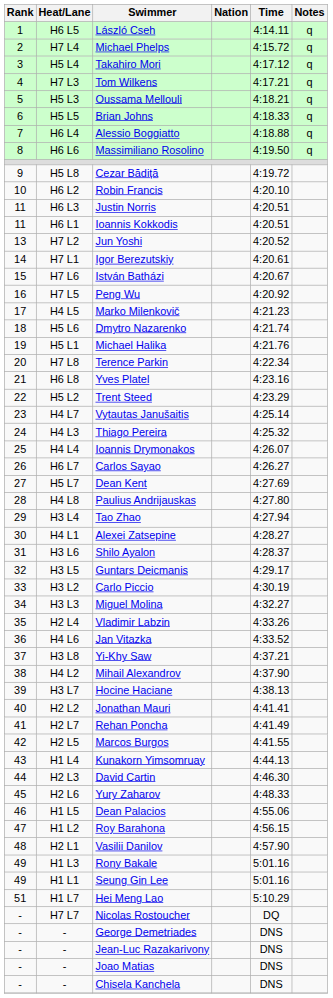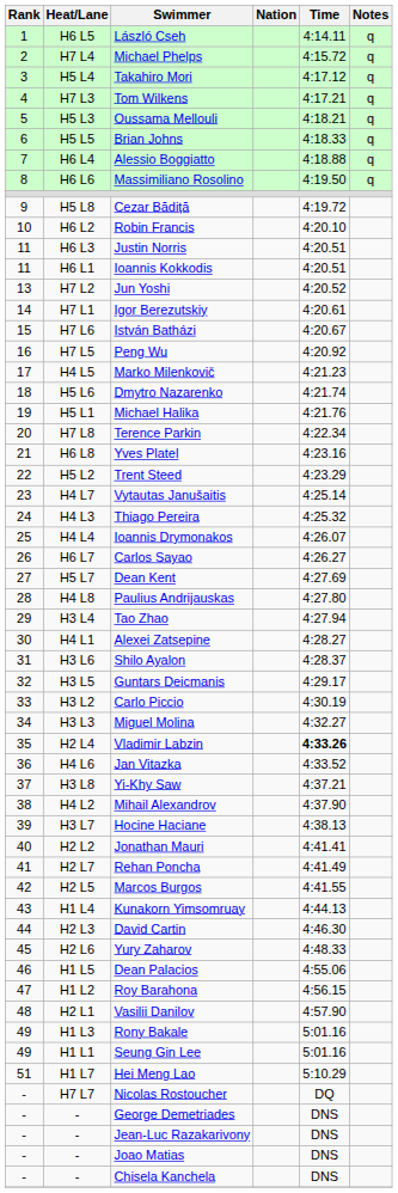 <table class="wikitable sortable" style="text-align:center">
 <tr>
 <th>Rank</th>
 <th>Heat/Lane</th>
 <th>Swimmer</th>
 <th>Nation</th>
 <th>Time</th>
 <th>Notes</th>
 </tr>
 <tr bgcolor=ccffcc>
 <td>1</td>
 <td>H6 L5</td>
 <td align=left><a href='#'>László Cseh</a></td>
 <td align=left></td>
 <td>4:14.11</td>
 <td>q</td>
 </tr>
 <tr bgcolor=ccffcc>
 <td>2</td>
 <td>H7 L4</td>
 <td align=left><a href='#'>Michael Phelps</a></td>
 <td align=left></td>
 <td>4:15.72</td>
 <td>q</td>
 </tr>
 <tr bgcolor=ccffcc>
 <td>3</td>
 <td>H5 L4</td>
 <td align=left><a href='#'>Takahiro Mori</a></td>
 <td align=left></td>
 <td>4:17.12</td>
 <td>q</td>
 </tr>
 <tr bgcolor=ccffcc>
 <td>4</td>
 <td>H7 L3</td>
 <td align=left><a href='#'>Tom Wilkens</a></td>
 <td align=left></td>
 <td>4:17.21</td>
 <td>q</td>
 </tr>
 <tr bgcolor=ccffcc>
 <td>5</td>
 <td>H5 L3</td>
 <td align=left><a href='#'>Oussama Mellouli</a></td>
 <td align=left></td>
 <td>4:18.21</td>
 <td>q</td>
 </tr>
 <tr bgcolor=ccffcc>
 <td>6</td>
 <td>H5 L5</td>
 <td align=left><a href='#'>Brian Johns</a></td>
 <td align=left></td>
 <td>4:18.33</td>
 <td>q</td>
 </tr>
 <tr bgcolor=ccffcc>
 <td>7</td>
 <td>H6 L4</td>
 <td align=left><a href='#'>Alessio Boggiatto</a></td>
 <td align=left></td>
 <td>4:18.88</td>
 <td>q</td>
 </tr>
 <tr bgcolor=ccffcc>
 <td>8</td>
 <td>H6 L6</td>
 <td align=left><a href='#'>Massimiliano Rosolino</a></td>
 <td align=left></td>
 <td>4:19.50</td>
 <td>q</td>
 </tr>
 <tr bgcolor=#DDDDDD>
 <td colspan=6></td>
 </tr>
 <tr>
 <td>9</td>
 <td>H5 L8</td>
 <td align=left><a href='#'>Cezar Bădiță</a></td>
 <td align=left></td>
 <td>4:19.72</td>
 <td></td>
 </tr>
 <tr>
 <td>10</td>
 <td>H6 L2</td>
 <td align=left><a href='#'>Robin Francis</a></td>
 <td align=left></td>
 <td>4:20.10</td>
 <td></td>
 </tr>
 <tr>
 <td>11</td>
 <td>H6 L3</td>
 <td align=left><a href='#'>Justin Norris</a></td>
 <td align=left></td>
 <td>4:20.51</td>
 <td></td>
 </tr>
 <tr>
 <td>11</td>
 <td>H6 L1</td>
 <td align=left><a href='#'>Ioannis Kokkodis</a></td>
 <td align=left></td>
 <td>4:20.51</td>
 <td></td>
 </tr>
 <tr>
 <td>13</td>
 <td>H7 L2</td>
 <td align=left><a href='#'>Jun Yoshi</a></td>
 <td align=left></td>
 <td>4:20.52</td>
 <td></td>
 </tr>
 <tr>
 <td>14</td>
 <td>H7 L1</td>
 <td align=left><a href='#'>Igor Berezutskiy</a></td>
 <td align=left></td>
 <td>4:20.61</td>
 <td></td>
 </tr>
 <tr>
 <td>15</td>
 <td>H7 L6</td>
 <td align=left><a href='#'>István Batházi</a></td>
 <td align=left></td>
 <td>4:20.67</td>
 <td></td>
 </tr>
 <tr>
 <td>16</td>
 <td>H7 L5</td>
 <td align=left><a href='#'>Peng Wu</a></td>
 <td align=left></td>
 <td>4:20.92</td>
 <td></td>
 </tr>
 <tr>
 <td>17</td>
 <td>H4 L5</td>
 <td align=left><a href='#'>Marko Milenkovič</a></td>
 <td align=left></td>
 <td>4:21.23</td>
 <td></td>
 </tr>
 <tr>
 <td>18</td>
 <td>H5 L6</td>
 <td align=left><a href='#'>Dmytro Nazarenko</a></td>
 <td align=left></td>
 <td>4:21.74</td>
 <td></td>
 </tr>
 <tr>
 <td>19</td>
 <td>H5 L1</td>
 <td align=left><a href='#'>Michael Halika</a></td>
 <td align=left></td>
 <td>4:21.76</td>
 <td></td>
 </tr>
 <tr>
 <td>20</td>
 <td>H7 L8</td>
 <td align=left><a href='#'>Terence Parkin</a></td>
 <td align=left></td>
 <td>4:22.34</td>
 <td></td>
 </tr>
 <tr>
 <td>21</td>
 <td>H6 L8</td>
 <td align=left><a href='#'>Yves Platel</a></td>
 <td align=left></td>
 <td>4:23.16</td>
 <td></td>
 </tr>
 <tr>
 <td>22</td>
 <td>H5 L2</td>
 <td align=left><a href='#'>Trent Steed</a></td>
 <td align=left></td>
 <td>4:23.29</td>
 <td></td>
 </tr>
 <tr>
 <td>23</td>
 <td>H4 L7</td>
 <td align=left><a href='#'>Vytautas Janušaitis</a></td>
 <td align=left></td>
 <td>4:25.14</td>
 <td></td>
 </tr>
 <tr>
 <td>24</td>
 <td>H4 L3</td>
 <td align=left><a href='#'>Thiago Pereira</a></td>
 <td align=left></td>
 <td>4:25.32</td>
 <td></td>
 </tr>
 <tr>
 <td>25</td>
 <td>H4 L4</td>
 <td align=left><a href='#'>Ioannis Drymonakos</a></td>
 <td align=left></td>
 <td>4:26.07</td>
 <td></td>
 </tr>
 <tr>
 <td>26</td>
 <td>H6 L7</td>
 <td align=left><a href='#'>Carlos Sayao</a></td>
 <td align=left></td>
 <td>4:26.27</td>
 <td></td>
 </tr>
 <tr>
 <td>27</td>
 <td>H5 L7</td>
 <td align=left><a href='#'>Dean Kent</a></td>
 <td align=left></td>
 <td>4:27.69</td>
 <td></td>
 </tr>
 <tr>
 <td>28</td>
 <td>H4 L8</td>
 <td align=left><a href='#'>Paulius Andrijauskas</a></td>
 <td align=left></td>
 <td>4:27.80</td>
 <td></td>
 </tr>
 <tr>
 <td>29</td>
 <td>H3 L4</td>
 <td align=left><a href='#'>Tao Zhao</a></td>
 <td align=left></td>
 <td>4:27.94</td>
 <td></td>
 </tr>
 <tr>
 <td>30</td>
 <td>H4 L1</td>
 <td align=left><a href='#'>Alexei Zatsepine</a></td>
 <td align=left></td>
 <td>4:28.27</td>
 <td></td>
 </tr>
 <tr>
 <td>31</td>
 <td>H3 L6</td>
 <td align=left><a href='#'>Shilo Ayalon</a></td>
 <td align=left></td>
 <td>4:28.37</td>
 <td></td>
 </tr>
 <tr>
 <td>32</td>
 <td>H3 L5</td>
 <td align=left><a href='#'>Guntars Deicmanis</a></td>
 <td align=left></td>
 <td>4:29.17</td>
 <td></td>
 </tr>
 <tr>
 <td>33</td>
 <td>H3 L2</td>
 <td align=left><a href='#'>Carlo Piccio</a></td>
 <td align=left></td>
 <td>4:30.19</td>
 <td></td>
 </tr>
 <tr>
 <td>34</td>
 <td>H3 L3</td>
 <td align=left><a href='#'>Miguel Molina</a></td>
 <td align=left></td>
 <td>4:32.27</td>
 <td></td>
 </tr>
 <tr>
 <td>35</td>
 <td>H2 L4</td>
 <td align=left><a href='#'>Vladimir Labzin</a></td>
 <td align=left></td>
-<td>4:33.26</td>
+<td><strong>4:33.26</strong></td>
 <td></td>
 </tr>
 <tr>
 <td>36</td>
 <td>H4 L6</td>
 <td align=left><a href='#'>Jan Vitazka</a></td>
 <td align=left></td>
 <td>4:33.52</td>
 <td></td>
 </tr>
 <tr>
 <td>37</td>
 <td>H3 L8</td>
 <td align=left><a href='#'>Yi-Khy Saw</a></td>
 <td align=left></td>
 <td>4:37.21</td>
 <td></td>
 </tr>
 <tr>
 <td>38</td>
 <td>H4 L2</td>
 <td align=left><a href='#'>Mihail Alexandrov</a></td>
 <td align=left></td>
 <td>4:37.90</td>
 <td></td>
 </tr>
 <tr>
 <td>39</td>
 <td>H3 L7</td>
 <td align=left><a href='#'>Hocine Haciane</a></td>
 <td align=left></td>
 <td>4:38.13</td>
 <td></td>
 </tr>
 <tr>
 <td>40</td>
 <td>H2 L2</td>
 <td align=left><a href='#'>Jonathan Mauri</a></td>
 <td align=left></td>
 <td>4:41.41</td>
 <td></td>
 </tr>
 <tr>
 <td>41</td>
 <td>H2 L7</td>
 <td align=left><a href='#'>Rehan Poncha</a></td>
 <td align=left></td>
 <td>4:41.49</td>
 <td></td>
 </tr>
 <tr>
 <td>42</td>
 <td>H2 L5</td>
 <td align=left><a href='#'>Marcos Burgos</a></td>
 <td align=left></td>
 <td>4:41.55</td>
 <td></td>
 </tr>
 <tr>
 <td>43</td>
 <td>H1 L4</td>
 <td align=left><a href='#'>Kunakorn Yimsomruay</a></td>
 <td align=left></td>
 <td>4:44.13</td>
 <td></td>
 </tr>
 <tr>
 <td>44</td>
 <td>H2 L3</td>
 <td align=left><a href='#'>David Cartin</a></td>
 <td align=left></td>
 <td>4:46.30</td>
 <td></td>
 </tr>
 <tr>
 <td>45</td>
 <td>H2 L6</td>
 <td align=left><a href='#'>Yury Zaharov</a></td>
 <td align=left></td>
 <td>4:48.33</td>
 <td></td>
 </tr>
 <tr>
 <td>46</td>
 <td>H1 L5</td>
 <td align=left><a href='#'>Dean Palacios</a></td>
 <td align=left></td>
 <td>4:55.06</td>
 <td></td>
 </tr>
 <tr>
 <td>47</td>
 <td>H1 L2</td>
 <td align=left><a href='#'>Roy Barahona</a></td>
 <td align=left></td>
 <td>4:56.15</td>
 <td></td>
 </tr>
 <tr>
 <td>48</td>
 <td>H2 L1</td>
 <td align=left><a href='#'>Vasilii Danilov</a></td>
 <td align=left></td>
 <td>4:57.90</td>
 <td></td>
 </tr>
 <tr>
 <td>49</td>
 <td>H1 L3</td>
 <td align=left><a href='#'>Rony Bakale</a></td>
 <td align=left></td>
 <td>5:01.16</td>
 <td></td>
 </tr>
 <tr>
 <td>49</td>
 <td>H1 L1</td>
 <td align=left><a href='#'>Seung Gin Lee</a></td>
 <td align=left></td>
 <td>5:01.16</td>
 <td></td>
 </tr>
 <tr>
 <td>51</td>
 <td>H1 L7</td>
 <td align=left><a href='#'>Hei Meng Lao</a></td>
 <td align=left></td>
 <td>5:10.29</td>
 <td></td>
 </tr>
 <tr>
 <td>-</td>
 <td>H7 L7</td>
 <td align=left><a href='#'>Nicolas Rostoucher</a></td>
 <td align=left></td>
 <td>DQ</td>
 <td></td>
 </tr>
 <tr>
 <td>-</td>
 <td>-</td>
 <td align=left><a href='#'>George Demetriades</a></td>
 <td align=left></td>
 <td>DNS</td>
 <td></td>
 </tr>
 <tr>
 <td>-</td>
 <td>-</td>
 <td align=left><a href='#'>Jean-Luc Razakarivony</a></td>
 <td align=left></td>
 <td>DNS</td>
 <td></td>
 </tr>
 <tr>
 <td>-</td>
 <td>-</td>
 <td align=left><a href='#'>Joao Matias</a></td>
 <td align=left></td>
 <td>DNS</td>
 <td></td>
 </tr>
 <tr>
 <td>-</td>
 <td>-</td>
 <td align=left><a href='#'>Chisela Kanchela</a></td>
 <td align=left></td>
 <td>DNS</td>
 <td></td>
 </tr>
 <tr>
 </tr>
 </table>
